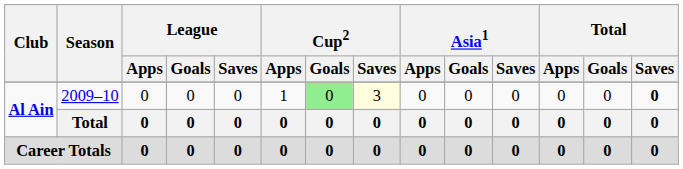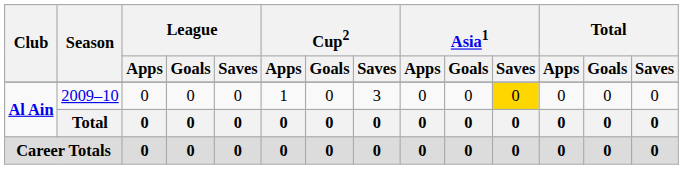 <table class="wikitable" style="font-size:90%; text-align: center;">
 <tr>
 <th rowspan="2">Club</th>
 <th rowspan="2">Season</th>
 <th colspan="3">League</th>
 <th colspan="3"><br>Cup<sup>2</sup></th>
 <th colspan="3"><br><a href='#'>Asia</a><sup>1</sup></th>
 <th colspan="3">Total</th>
 </tr>
 <tr>
 <th>Apps</th>
 <th>Goals</th>
 <th>Saves</th>
 <th>Apps</th>
 <th>Goals</th>
 <th>Saves</th>
 <th>Apps</th>
 <th>Goals</th>
 <th>Saves</th>
 <th>Apps</th>
 <th>Goals</th>
 <th>Saves</th>
 </tr>
 <tr>
 </tr>
 <tr align=center>
 <td rowspan="2" align=center valign=center><strong><a href='#'>Al Ain</a></strong></td>
 <td><a href='#'>2009–10</a></td>
 <td>0</td>
 <td>0</td>
 <td>0</td>
 <td>1</td>
-<td style="background: lightgreen;">0</td>
-<td style="background: lightyellow;">3</td>
+<td>0</td>
+<td>3</td>
+<td>0</td>
+<td>0</td>
+<td style="background: gold;">0</td>
 <td>0</td>
 <td>0</td>
 <td>0</td>
-<td>0</td>
-<td>0</td>
-<td><strong>0</strong></td>
 </tr>
 <tr align=center>
 <th>Total</th>
 <th>0</th>
 <th>0</th>
 <th>0</th>
 <th>0</th>
 <th>0</th>
 <th>0</th>
 <th>0</th>
 <th>0</th>
 <th>0</th>
 <th>0</th>
 <th>0</th>
 <th>0</th>
 </tr>
 <tr>
 <th style="background: #DCDCDC" colspan="2">Career Totals</th>
 <th style="background: #DCDCDC">0</th>
 <th style="background: #DCDCDC">0</th>
 <th style="background: #DCDCDC">0</th>
 <th style="background: #DCDCDC">0</th>
 <th style="background: #DCDCDC">0</th>
 <th style="background: #DCDCDC">0</th>
 <th style="background: #DCDCDC">0</th>
 <th style="background: #DCDCDC">0</th>
 <th style="background: #DCDCDC">0</th>
 <th style="background: #DCDCDC">0</th>
 <th style="background: #DCDCDC">0</th>
 <th style="background: #DCDCDC">0</th>
 </tr>
 </table>
